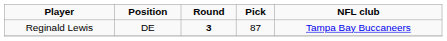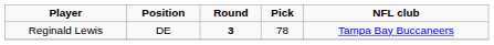 <table class="wikitable" width="80%">
 <tr align="center">
 <td><strong>Player</strong></td>
 <td><strong>Position</strong></td>
 <td><strong>Round</strong></td>
 <td><strong>Pick</strong></td>
 <td><strong>NFL club</strong></td>
 </tr>
 <tr align="center" bgcolor="">
 <td>Reginald Lewis</td>
 <td>DE</td>
 <td><strong>3</strong></td>
-<td>87</td>
+<td>78</td>
 <td><a href='#'>Tampa Bay Buccaneers</a></td>
 </tr>
 <tr align="center" bgcolor="">
 </tr>
 </table>
